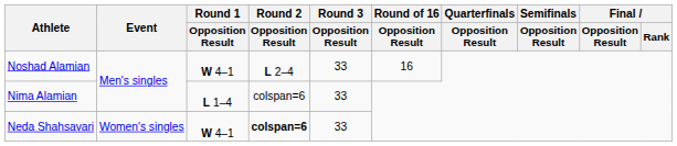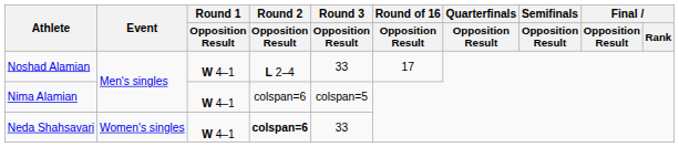 <table class=wikitable style=font-size:90%;text-align:center>
 <tr>
 <th rowspan=2>Athlete</th>
 <th rowspan=2>Event</th>
 <th>Round 1</th>
 <th>Round 2</th>
 <th>Round 3</th>
 <th>Round of 16</th>
 <th>Quarterfinals</th>
 <th>Semifinals</th>
 <th colspan=2>Final / </th>
 </tr>
 <tr style=font-size:95%>
 <th>Opposition<br>Result</th>
 <th>Opposition<br>Result</th>
 <th>Opposition<br>Result</th>
 <th>Opposition<br>Result</th>
 <th>Opposition<br>Result</th>
 <th>Opposition<br>Result</th>
 <th>Opposition<br>Result</th>
 <th>Rank</th>
 </tr>
 <tr>
 <td align=left><a href='#'>Noshad Alamian</a></td>
 <td align=left rowspan=2><a href='#'>Men's singles</a></td>
 <td><br><strong>W</strong> 4–1</td>
 <td><br><strong>L</strong> 2–4</td>
 <td>33</td>
-<td>16</td>
+<td>17</td>
 </tr>
 <tr>
 <td align=left><a href='#'>Nima Alamian</a></td>
-<td><br><strong>L</strong> 1–4</td>
+<td><br><strong>W</strong> 4–1</td>
 <td>colspan=6 </td>
-<td>33</td>
+<td>colspan=5 </td>
 </tr>
 <tr>
 <td align=left><a href='#'>Neda Shahsavari</a></td>
 <td align=left><a href='#'>Women's singles</a></td>
 <td><br><strong>W</strong> 4–1</td>
 <td><strong>colspan=6 </strong></td>
 <td>33</td>
 </tr>
 </table>
